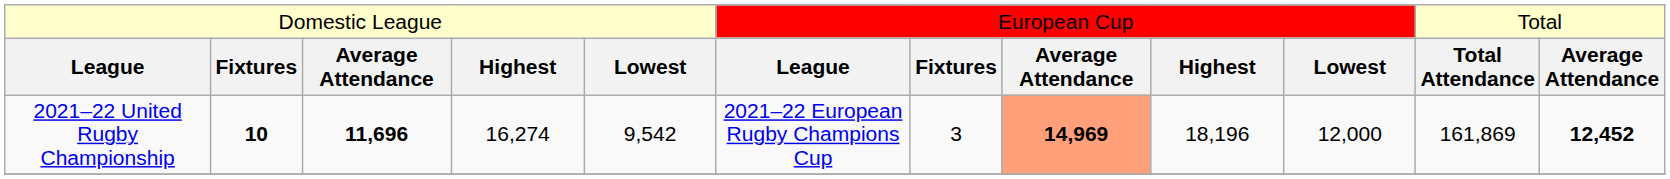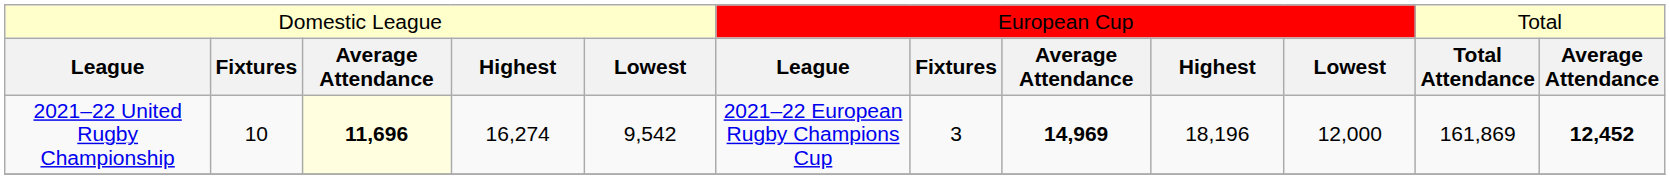 <table class="wikitable sortable" style="font-size:90%; width:90%;">
 <tr>
 <td colspan="5" class="wikitable sortable" style="width:45%; background:#ffffcc; text-align:center;"><span>Domestic League</span></td>
 <td colspan="5" class="wikitable sortable" style="width:45%; background:#f00; text-align:center;"><span>European Cup</span></td>
 <td colspan="2" class="wikitable sortable" style="width:45%; background:#ffffcc; text-align:center;"><span>Total</span></td>
 </tr>
 <tr>
 <th style="width:15%;">League</th>
 <th style="width:5%;">Fixtures</th>
 <th style="width:10%;">Average Attendance</th>
 <th style="width:10%;">Highest</th>
 <th style="width:10%;">Lowest</th>
 <th style="width:15%;">League</th>
 <th style="width:5%;">Fixtures</th>
 <th style="width:10%;">Average Attendance</th>
 <th style="width:10%;">Highest</th>
 <th style="width:10%;">Lowest</th>
 <th style="width:10%;">Total Attendance</th>
 <th style="width:10%;">Average Attendance</th>
 </tr>
 <tr>
 <td align=center><a href='#'>2021–22 United Rugby Championship</a></td>
-<td align=center><strong>10</strong></td>
-<td align=center><strong>11,696</strong></td>
+<td align=center>10</td>
+<td align=center style="background: lightyellow;"><strong>11,696</strong></td>
 <td align=center>16,274</td>
 <td align=center>9,542</td>
 <td align=center><a href='#'>2021–22 European Rugby Champions Cup</a></td>
 <td align=center>3</td>
-<td align=center style="background: lightsalmon;"><strong>14,969</strong></td>
+<td align=center><strong>14,969</strong></td>
 <td align=center>18,196</td>
 <td align=center>12,000</td>
 <td align=center>161,869</td>
 <td align=center><strong>12,452</strong></td>
 </tr>
 <tr>
 </tr>
 </table>
